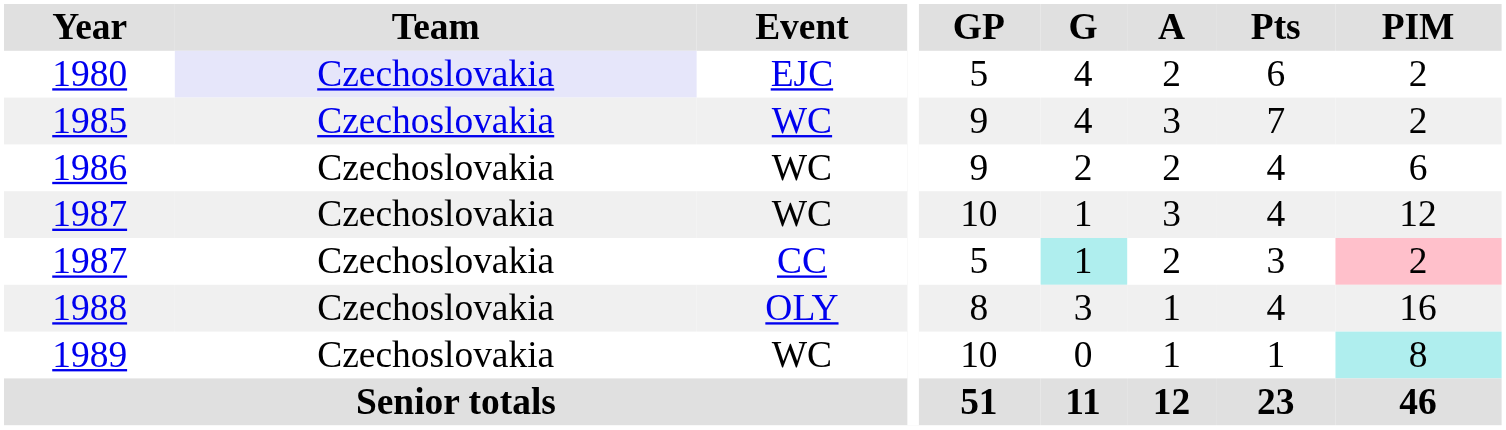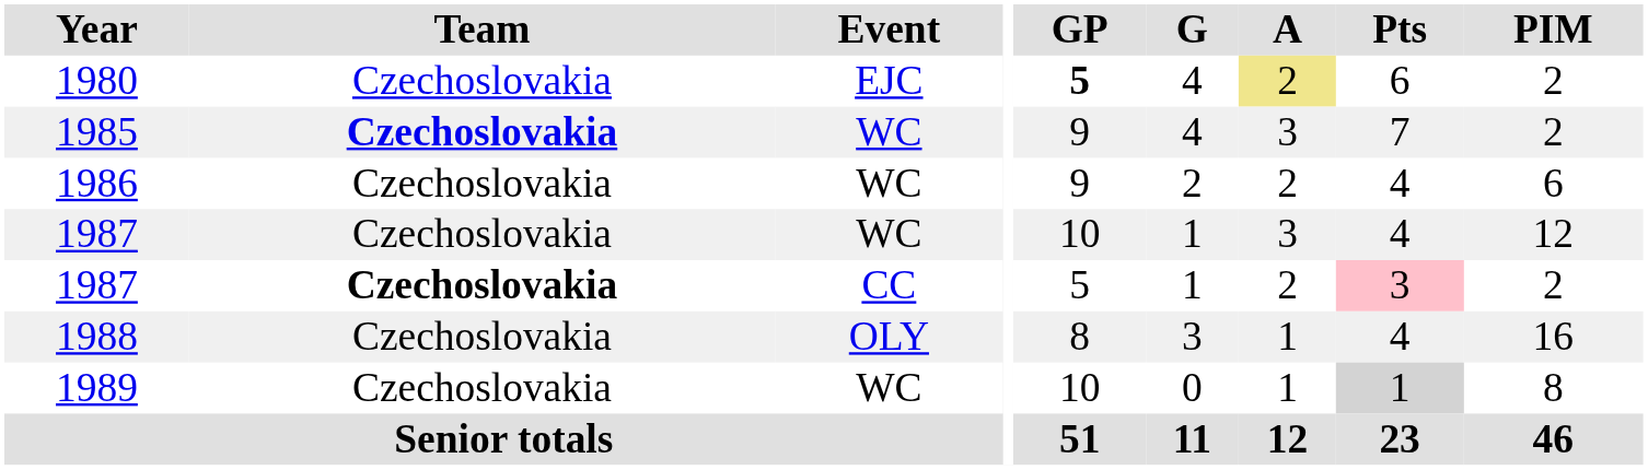 <table border="0" cellpadding="1" cellspacing="0" ID="Table3" style="text-align:center; width:40em">
 <tr bgcolor="#e0e0e0">
 <th>Year</th>
 <th>Team</th>
 <th>Event</th>
 <th rowspan="102" bgcolor="#ffffff"></th>
 <th>GP</th>
 <th>G</th>
 <th>A</th>
 <th>Pts</th>
 <th>PIM</th>
 </tr>
 <tr>
 <td><a href='#'>1980</a></td>
-<td style="background: lavender;"><a href='#'>Czechoslovakia</a></td>
+<td><a href='#'>Czechoslovakia</a></td>
 <td><a href='#'>EJC</a></td>
-<td>5</td>
+<td><strong>5</strong></td>
 <td>4</td>
-<td>2</td>
+<td style="background: khaki;">2</td>
 <td>6</td>
 <td>2</td>
 </tr>
 <tr bgcolor="#f0f0f0">
 <td><a href='#'>1985</a></td>
-<td><a href='#'>Czechoslovakia</a></td>
+<td><strong><a href='#'>Czechoslovakia</a></strong></td>
 <td><a href='#'>WC</a></td>
 <td>9</td>
 <td>4</td>
 <td>3</td>
 <td>7</td>
 <td>2</td>
 </tr>
 <tr>
 <td><a href='#'>1986</a></td>
 <td>Czechoslovakia</td>
 <td>WC</td>
 <td>9</td>
 <td>2</td>
 <td>2</td>
 <td>4</td>
 <td>6</td>
 </tr>
 <tr bgcolor="#f0f0f0">
 <td><a href='#'>1987</a></td>
 <td>Czechoslovakia</td>
 <td>WC</td>
 <td>10</td>
 <td>1</td>
 <td>3</td>
 <td>4</td>
 <td>12</td>
 </tr>
 <tr>
 <td><a href='#'>1987</a></td>
-<td>Czechoslovakia</td>
+<td><strong>Czechoslovakia</strong></td>
 <td><a href='#'>CC</a></td>
 <td>5</td>
-<td style="background: paleturquoise;">1</td>
+<td>1</td>
 <td>2</td>
-<td>3</td>
-<td style="background: pink;">2</td>
+<td style="background: pink;">3</td>
+<td>2</td>
 </tr>
 <tr bgcolor="#f0f0f0">
 <td><a href='#'>1988</a></td>
 <td>Czechoslovakia</td>
 <td><a href='#'>OLY</a></td>
 <td>8</td>
 <td>3</td>
 <td>1</td>
 <td>4</td>
 <td>16</td>
 </tr>
 <tr>
 <td><a href='#'>1989</a></td>
 <td>Czechoslovakia</td>
 <td>WC</td>
 <td>10</td>
 <td>0</td>
 <td>1</td>
-<td>1</td>
-<td style="background: paleturquoise;">8</td>
+<td style="background: lightgrey;">1</td>
+<td>8</td>
 </tr>
 <tr bgcolor="#e0e0e0">
 <th colspan="3">Senior totals</th>
 <th>51</th>
 <th>11</th>
 <th>12</th>
 <th>23</th>
 <th>46</th>
 </tr>
 </table>
